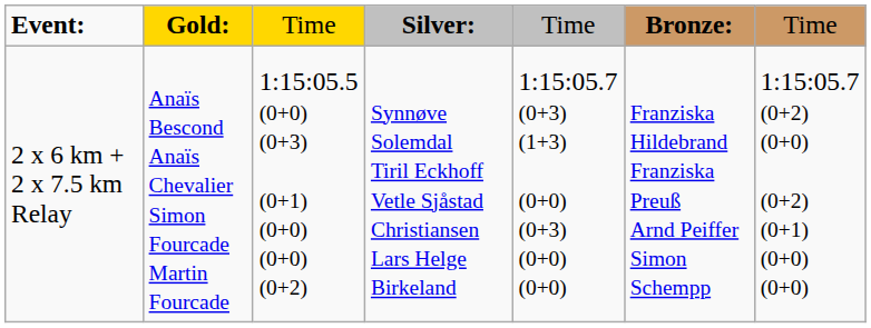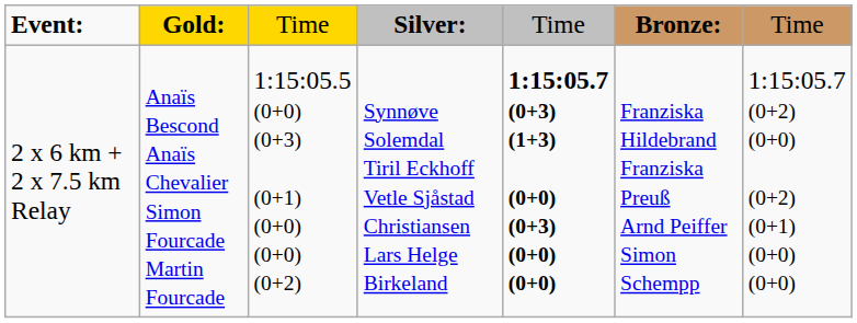 <table class="wikitable" border="1" style="width:85%;">
 <tr>
 <td><strong>Event:</strong></td>
 <td style="text-align:center;background-color:gold;"><strong>Gold:</strong></td>
 <td style="text-align:center;background-color:gold;">Time</td>
 <td style="text-align:center;background-color:silver;"><strong>Silver:</strong></td>
 <td style="text-align:center;background-color:silver;">Time</td>
 <td style="text-align:center;background-color:#CC9966;"><strong>Bronze:</strong></td>
 <td style="text-align:center;background-color:#CC9966;">Time</td>
 </tr>
 <tr>
 <td>2 x 6 km + 2 x 7.5 km Relay<br></td>
 <td><strong></strong><br><small><a href='#'>Anaïs Bescond</a><br><a href='#'>Anaïs Chevalier</a><br><a href='#'>Simon Fourcade</a><br><a href='#'>Martin Fourcade</a></small></td>
 <td>1:15:05.5<br><small>(0+0) (0+3)<br><br>(0+1) (0+0)<br>(0+0) (0+2)</small></td>
 <td><br><small><a href='#'>Synnøve Solemdal</a><br><a href='#'>Tiril Eckhoff</a><br><a href='#'>Vetle Sjåstad Christiansen</a><br><a href='#'>Lars Helge Birkeland</a></small></td>
-<td>1:15:05.7<br><small>(0+3) (1+3)<br><br>(0+0) (0+3)<br>(0+0) (0+0)</small></td>
+<td><strong>1:15:05.7<br><small>(0+3) (1+3)<br><br>(0+0) (0+3)<br>(0+0) (0+0)</small></strong></td>
 <td><br><small><a href='#'>Franziska Hildebrand</a><br><a href='#'>Franziska Preuß</a><br><a href='#'>Arnd Peiffer</a><br><a href='#'>Simon Schempp</a></small></td>
 <td>1:15:05.7<br><small>(0+2) (0+0)<br><br>(0+2) (0+1)<br>(0+0) (0+0)</small></td>
 </tr>
 </table>
